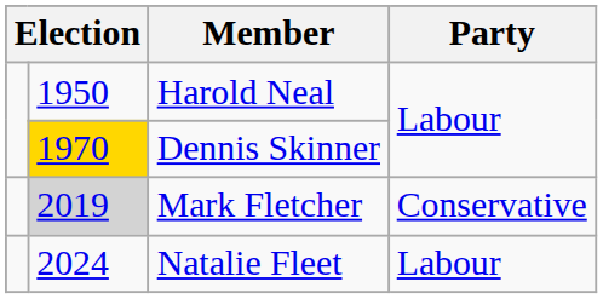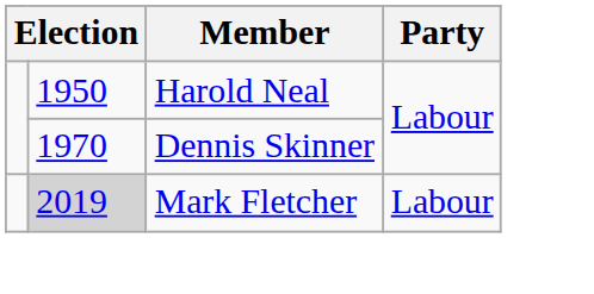 <table class="wikitable">
 <tr>
 <th colspan="2">Election</th>
 <th>Member</th>
 <th>Party</th>
 </tr>
 <tr>
 <td rowspan="2" style="color:inherit;background-color: "></td>
 <td><a href='#'>1950</a></td>
 <td><a href='#'>Harold Neal</a></td>
 <td rowspan="2"><a href='#'>Labour</a></td>
 </tr>
 <tr>
-<td style="background: gold;"><a href='#'>1970</a></td>
+<td><a href='#'>1970</a></td>
 <td><a href='#'>Dennis Skinner</a></td>
 </tr>
 <tr>
 <td style="color:inherit;background-color: "></td>
 <td style="background: lightgrey;"><a href='#'>2019</a></td>
 <td><a href='#'>Mark Fletcher</a></td>
-<td><a href='#'>Conservative</a></td>
-</tr>
-<tr>
-<td style="color:inherit;background-color: "></td>
-<td><a href='#'>2024</a></td>
-<td><a href='#'>Natalie Fleet</a></td>
 <td><a href='#'>Labour</a></td>
 </tr>
 </table>
